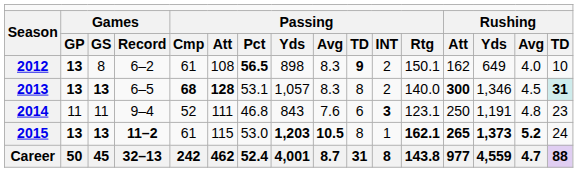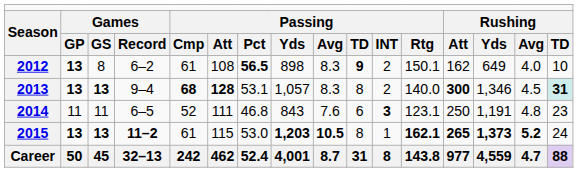 <table class=wikitable style="text-align:center;">
 <tr>
 <td ! colspan="16"></td>
 </tr>
 <tr>
 <th rowspan="2">Season</th>
 <th colspan="3">Games</th>
 <th colspan="8">Passing</th>
 <th colspan="4">Rushing</th>
 </tr>
 <tr>
 <th>GP</th>
 <th>GS</th>
 <th>Record</th>
 <th>Cmp</th>
 <th>Att</th>
 <th>Pct</th>
 <th>Yds</th>
 <th>Avg</th>
 <th>TD</th>
 <th>INT</th>
 <th>Rtg</th>
 <th>Att</th>
 <th>Yds</th>
 <th>Avg</th>
 <th>TD</th>
 </tr>
 <tr>
 <th><a href='#'>2012</a></th>
 <td><strong>13</strong></td>
 <td>8</td>
 <td>6–2</td>
 <td>61</td>
 <td>108</td>
 <td><strong>56.5</strong></td>
 <td>898</td>
 <td>8.3</td>
 <td><strong>9</strong></td>
 <td>2</td>
 <td>150.1</td>
 <td>162</td>
 <td>649</td>
 <td>4.0</td>
 <td>10</td>
 </tr>
 <tr>
 <th><a href='#'>2013</a></th>
 <td><strong>13</strong></td>
 <td><strong>13</strong></td>
-<td>6–5</td>
+<td>9–4</td>
 <td><strong>68</strong></td>
 <td><strong>128</strong></td>
 <td>53.1</td>
 <td>1,057</td>
 <td>8.3</td>
 <td>8</td>
 <td>2</td>
 <td>140.0</td>
 <td><strong>300</strong></td>
 <td>1,346</td>
 <td>4.5</td>
 <td style="background:#cfecec;"><strong>31</strong></td>
 </tr>
 <tr>
 <th><a href='#'>2014</a></th>
 <td>11</td>
 <td>11</td>
-<td>9–4</td>
+<td>6–5</td>
 <td>52</td>
 <td>111</td>
 <td>46.8</td>
 <td>843</td>
 <td>7.6</td>
 <td>6</td>
 <td><strong>3</strong></td>
 <td>123.1</td>
 <td>250</td>
 <td>1,191</td>
 <td>4.8</td>
 <td>23</td>
 </tr>
 <tr>
 <th><a href='#'>2015</a></th>
 <td><strong>13</strong></td>
 <td><strong>13</strong></td>
 <td><strong>11–2</strong></td>
 <td>61</td>
 <td>115</td>
 <td>53.0</td>
 <td><strong>1,203</strong></td>
 <td><strong>10.5</strong></td>
 <td>8</td>
 <td>1</td>
 <td><strong>162.1</strong></td>
 <td><strong>265</strong></td>
 <td><strong>1,373</strong></td>
 <td><strong>5.2</strong></td>
 <td>24</td>
 </tr>
 <tr>
 <th>Career</th>
 <th>50</th>
 <th>45</th>
 <th>32–13</th>
 <th>242</th>
 <th>462</th>
 <th>52.4</th>
 <th>4,001</th>
 <th>8.7</th>
 <th>31</th>
 <th>8</th>
 <th>143.8</th>
 <th>977</th>
 <th>4,559</th>
 <th>4.7</th>
 <th style="background:#e0cef2;">88</th>
 </tr>
 </table>
